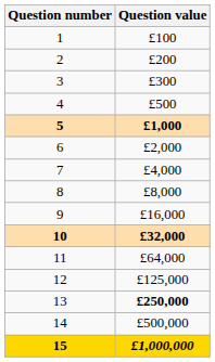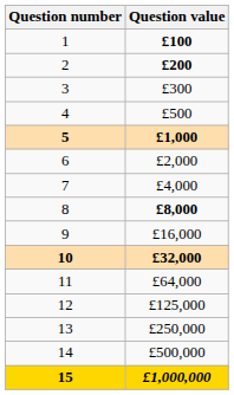 <table class="wikitable" style=text-align:center;>
 <tr>
 <th>Question number</th>
 <th>Question value</th>
 </tr>
 <tr>
 <td>1</td>
-<td>£100</td>
+<td><strong>£100</strong></td>
 </tr>
 <tr>
 <td>2</td>
-<td>£200</td>
+<td><strong>£200</strong></td>
 </tr>
 <tr>
 <td>3</td>
 <td>£300</td>
 </tr>
 <tr>
 <td>4</td>
 <td>£500</td>
 </tr>
 <tr bgcolor=navajowhite>
 <td><strong>5</strong></td>
 <td><strong>£1,000</strong></td>
 </tr>
 <tr>
 <td>6</td>
 <td>£2,000</td>
 </tr>
 <tr>
 <td>7</td>
 <td>£4,000</td>
 </tr>
 <tr>
 <td>8</td>
-<td>£8,000</td>
+<td><strong>£8,000</strong></td>
 </tr>
 <tr>
 <td>9</td>
 <td>£16,000</td>
 </tr>
 <tr bgcolor=navajowhite>
 <td><strong>10</strong></td>
 <td><strong>£32,000</strong></td>
 </tr>
 <tr>
 <td>11</td>
 <td>£64,000</td>
 </tr>
 <tr>
 <td>12</td>
 <td>£125,000</td>
 </tr>
 <tr>
 <td>13</td>
-<td><strong>£250,000</strong></td>
+<td>£250,000</td>
 </tr>
 <tr>
 <td>14</td>
 <td>£500,000</td>
 </tr>
 <tr bgcolor=gold>
 <td><strong>15</strong></td>
 <td><strong><em>£1,000,000</em></strong></td>
 </tr>
 </table>
